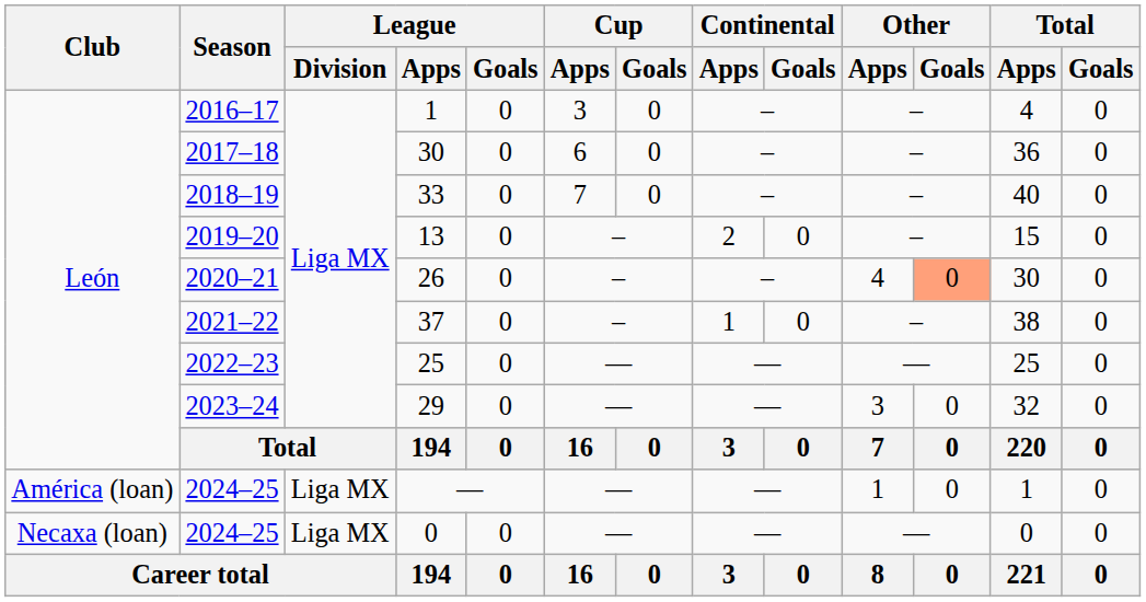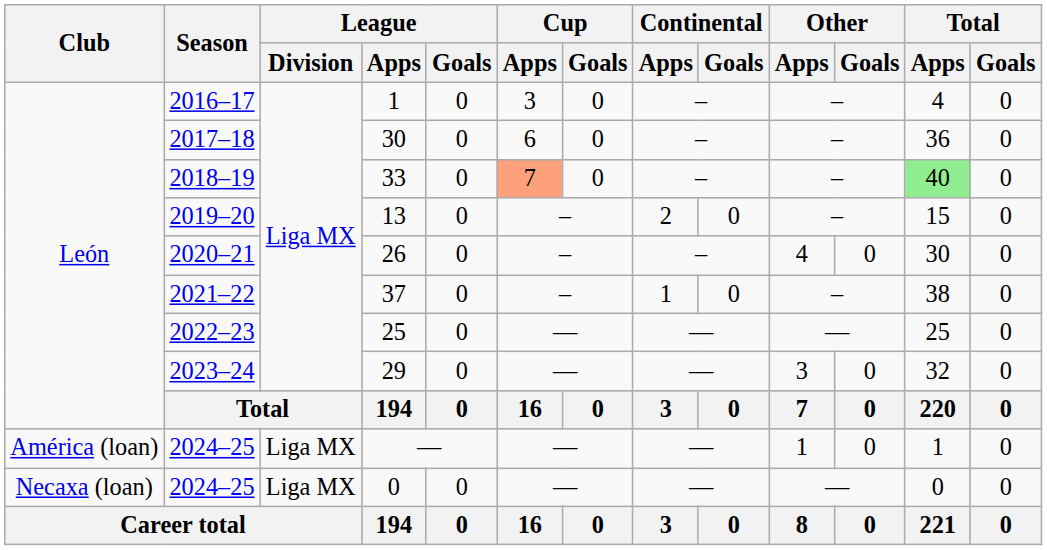 <table class="wikitable" style="text-align: center">
 <tr>
 <th rowspan="2">Club</th>
 <th rowspan="2">Season</th>
 <th colspan="3">League</th>
 <th colspan="2">Cup</th>
 <th colspan="2">Continental</th>
 <th colspan="2">Other</th>
 <th colspan="2">Total</th>
 </tr>
 <tr>
 <th>Division</th>
 <th>Apps</th>
 <th>Goals</th>
 <th>Apps</th>
 <th>Goals</th>
 <th>Apps</th>
 <th>Goals</th>
 <th>Apps</th>
 <th>Goals</th>
 <th>Apps</th>
 <th>Goals</th>
 </tr>
 <tr>
 <td rowspan="9"><a href='#'>León</a></td>
 <td><a href='#'>2016–17</a></td>
 <td rowspan="8"><a href='#'>Liga MX</a></td>
 <td>1</td>
 <td>0</td>
 <td>3</td>
 <td>0</td>
 <td colspan="2">–</td>
 <td colspan=2>–</td>
 <td>4</td>
 <td>0</td>
 </tr>
 <tr>
 <td><a href='#'>2017–18</a></td>
 <td>30</td>
 <td>0</td>
 <td>6</td>
 <td>0</td>
 <td colspan=2>–</td>
 <td colspan=2>–</td>
 <td>36</td>
 <td>0</td>
 </tr>
 <tr>
 <td><a href='#'>2018–19</a></td>
 <td>33</td>
 <td>0</td>
-<td>7</td>
+<td style="background: lightsalmon;">7</td>
 <td>0</td>
 <td colspan=2>–</td>
 <td colspan=2>–</td>
-<td>40</td>
+<td style="background: lightgreen;">40</td>
 <td>0</td>
 </tr>
 <tr>
 <td><a href='#'>2019–20</a></td>
 <td>13</td>
 <td>0</td>
 <td colspan=2>–</td>
 <td>2</td>
 <td>0</td>
 <td colspan=2>–</td>
 <td>15</td>
 <td>0</td>
 </tr>
 <tr>
 <td><a href='#'>2020–21</a></td>
 <td>26</td>
 <td>0</td>
 <td colspan=2>–</td>
 <td colspan=2>–</td>
 <td>4</td>
-<td style="background: lightsalmon;">0</td>
+<td>0</td>
 <td>30</td>
 <td>0</td>
 </tr>
 <tr>
 <td><a href='#'>2021–22</a></td>
 <td>37</td>
 <td>0</td>
 <td colspan=2>–</td>
 <td>1</td>
 <td>0</td>
 <td colspan=2>–</td>
 <td>38</td>
 <td>0</td>
 </tr>
 <tr>
 <td><a href='#'>2022–23</a></td>
 <td>25</td>
 <td>0</td>
 <td colspan="2">—</td>
 <td colspan="2">—</td>
 <td colspan="2">—</td>
 <td>25</td>
 <td>0</td>
 </tr>
 <tr>
 <td><a href='#'>2023–24</a></td>
 <td>29</td>
 <td>0</td>
 <td colspan="2">—</td>
 <td colspan="2">—</td>
 <td>3</td>
 <td>0</td>
 <td>32</td>
 <td>0</td>
 </tr>
 <tr>
 <th colspan="2"><strong>Total</strong></th>
 <th>194</th>
 <th>0</th>
 <th>16</th>
 <th>0</th>
 <th>3</th>
 <th>0</th>
 <th>7</th>
 <th>0</th>
 <th>220</th>
 <th>0</th>
 </tr>
 <tr>
 <td><a href='#'>América</a> (loan)</td>
 <td><a href='#'>2024–25</a></td>
 <td>Liga MX</td>
 <td colspan=2>—</td>
 <td colspan=2>—</td>
 <td colspan=2>—</td>
 <td>1</td>
 <td>0</td>
 <td>1</td>
 <td>0</td>
 </tr>
 <tr>
 <td><a href='#'>Necaxa</a> (loan)</td>
 <td><a href='#'>2024–25</a></td>
 <td>Liga MX</td>
 <td>0</td>
 <td>0</td>
 <td colspan=2>—</td>
 <td colspan=2>—</td>
 <td colspan=2>—</td>
 <td>0</td>
 <td>0</td>
 </tr>
 <tr>
 <th colspan="3"><strong>Career total</strong></th>
 <th>194</th>
 <th>0</th>
 <th>16</th>
 <th>0</th>
 <th>3</th>
 <th>0</th>
 <th>8</th>
 <th>0</th>
 <th>221</th>
 <th>0</th>
 </tr>
 </table>
